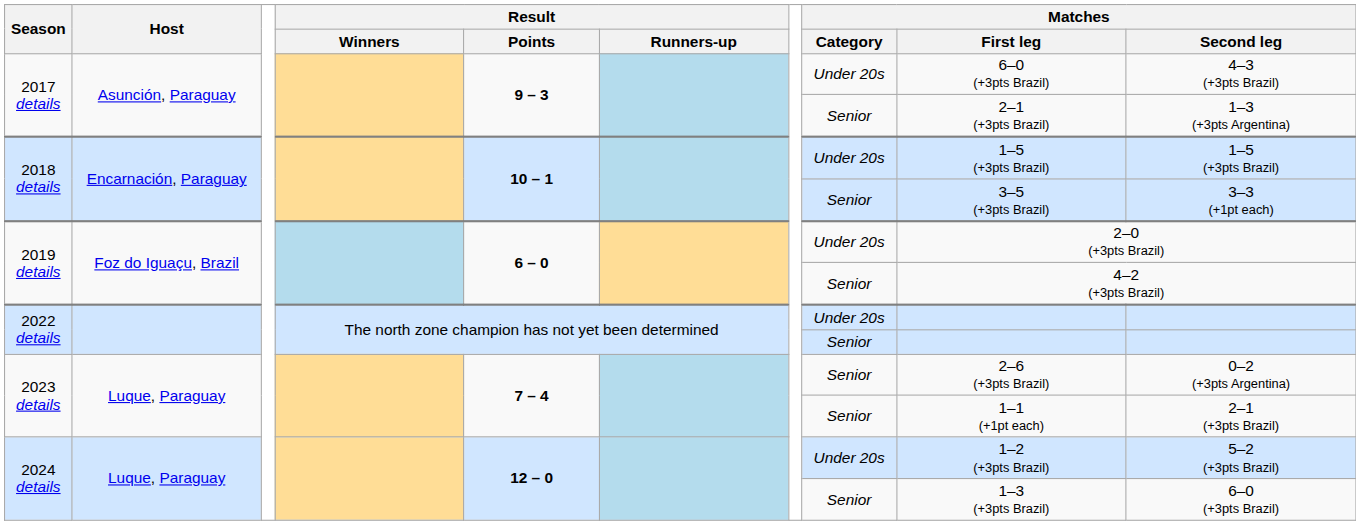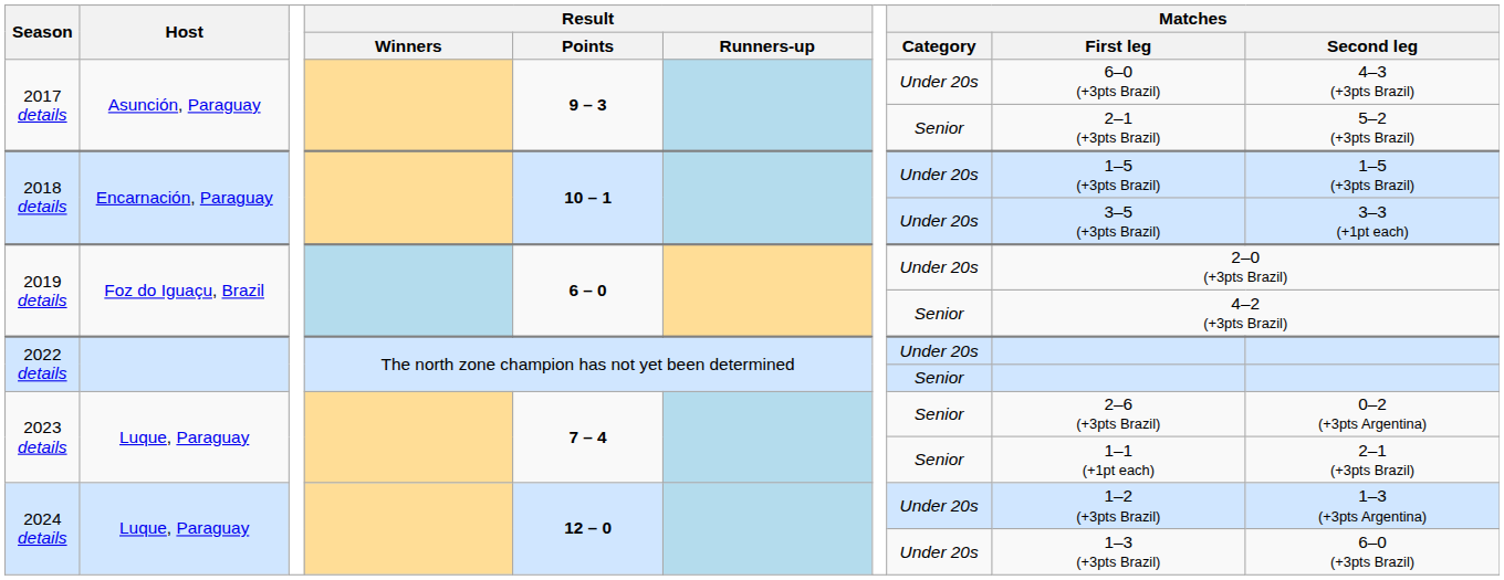 <table class="wikitable" style="font-size: 90%; text-align: center; width: 100%;">
 <tr>
 <th rowspan="2" width="5%">Season</th>
 <th rowspan="2" width="14%">Host</th>
 <th rowspan="14" width="1%" style="background-color:#ffffff;"></th>
 <th colspan="3">Result</th>
 <th rowspan="14" width="1%" style="background-color:#ffffff;"></th>
 <th colspan="3">Matches</th>
 </tr>
 <tr>
 <th width="14%">Winners</th>
 <th width="10%">Points</th>
 <th width="14%">Runners-up</th>
 <th width="7%">Category</th>
 <th width=120>First leg</th>
 <th width=120>Second leg</th>
 </tr>
 <tr>
 <td rowspan=2>2017<br><em><a href='#'>details</a></em></td>
 <td rowspan=2> <a href='#'>Asunción</a>, <a href='#'>Paraguay</a></td>
 <td rowspan=2 bgcolor=#ffdd96><strong></strong></td>
 <td rowspan=2><strong>9 – 3</strong></td>
 <td rowspan=2 bgcolor=#b4dced></td>
 <td><em>Under 20s</em></td>
 <td> 6–0 <br><small>(+3pts Brazil)</small></td>
 <td> 4–3 <br><small>(+3pts Brazil)</small></td>
 </tr>
 <tr>
 <td><em>Senior</em></td>
 <td> 2–1 <br><small>(+3pts Brazil)</small></td>
-<td> 1–3 <br><small>(+3pts Argentina)</small></td>
+<td> 5–2 <br><small>(+3pts Brazil)</small></td>
 </tr>
 <tr style="background: #D0E6FF; border-top: 2px solid grey">
 <td rowspan=2>2018<br><em><a href='#'>details</a></em></td>
 <td rowspan=2> <a href='#'>Encarnación</a>, <a href='#'>Paraguay</a></td>
 <td rowspan=2 bgcolor=#ffdd96><strong></strong></td>
 <td rowspan=2><strong>10 – 1</strong></td>
 <td rowspan=2 bgcolor=#b4dced></td>
 <td><em>Under 20s</em></td>
 <td> 1–5 <br><small>(+3pts Brazil)</small></td>
 <td> 1–5 <br><small>(+3pts Brazil)</small></td>
 </tr>
 <tr style="background: #D0E6FF;">
-<td><em>Senior</em></td>
+<td><em>Under 20s</em></td>
 <td> 3–5 <br><small>(+3pts Brazil)</small></td>
 <td> 3–3 <br><small>(+1pt each)</small></td>
 </tr>
 <tr style="border-top: 2px solid grey">
 <td rowspan="2">2019<br><em><a href='#'>details</a></em></td>
 <td rowspan="2"> <a href='#'>Foz do Iguaçu</a>, <a href='#'>Brazil</a></td>
 <td rowspan=2 bgcolor=#b4dced><strong></strong></td>
 <td rowspan=2><strong>6 – 0</strong></td>
 <td rowspan=2 bgcolor=#ffdd96></td>
 <td><em>Under 20s</em></td>
 <td colspan=2> 2–0 <br><small>(+3pts Brazil)</small></td>
 </tr>
 <tr>
 <td><em>Senior</em></td>
 <td colspan=2> 4–2 <br><small>(+3pts Brazil)</small></td>
 </tr>
 <tr style="background: #D0E6FF; border-top: 2px solid grey">
 <td rowspan="2">2022<br><em><a href='#'>details</a></em></td>
 <td rowspan="2"></td>
 <td rowspan="2" colspan="3">The north zone champion has not yet been determined</td>
 <td><em>Under 20s</em></td>
 <td></td>
 <td></td>
 </tr>
 <tr style="background: #D0E6FF;">
 <td><em>Senior</em></td>
 <td></td>
 <td></td>
 </tr>
 <tr>
 <td rowspan=2>2023<br><em><a href='#'>details</a></em></td>
 <td rowspan=2> <a href='#'>Luque</a>, <a href='#'>Paraguay</a></td>
 <td rowspan=2 bgcolor=#ffdd96><strong></strong></td>
 <td rowspan=2><strong>7 – 4</strong></td>
 <td rowspan=2 bgcolor=#b4dced></td>
 <td><em>Senior</em></td>
 <td> 2–6 <br><small>(+3pts Brazil)</small></td>
 <td> 0–2 <br><small>(+3pts Argentina)</small></td>
 </tr>
 <tr>
 <td><em>Senior</em></td>
 <td> 1–1 <br><small>(+1pt each)</small></td>
 <td> 2–1 <br><small>(+3pts Brazil)</small></td>
 </tr>
 <tr style="background: #D0E6FF;">
 <td rowspan=2>2024<br><em><a href='#'>details</a></em></td>
 <td rowspan=2> <a href='#'>Luque</a>, <a href='#'>Paraguay</a></td>
 <td rowspan=2 bgcolor=#ffdd96><strong></strong></td>
 <td rowspan=2><strong>12 – 0</strong></td>
 <td rowspan=2 bgcolor=#b4dced></td>
 <td><em>Under 20s</em></td>
 <td> 1–2 <br><small>(+3pts Brazil)</small></td>
-<td> 5–2 <br><small>(+3pts Brazil)</small></td>
+<td> 1–3 <br><small>(+3pts Argentina)</small></td>
 </tr>
 <tr>
-<td><em>Senior</em></td>
+<td><em>Under 20s</em></td>
 <td> 1–3  <br><small>(+3pts Brazil)</small></td>
 <td> 6–0 <br><small>(+3pts Brazil)</small></td>
 </tr>
 </table>
